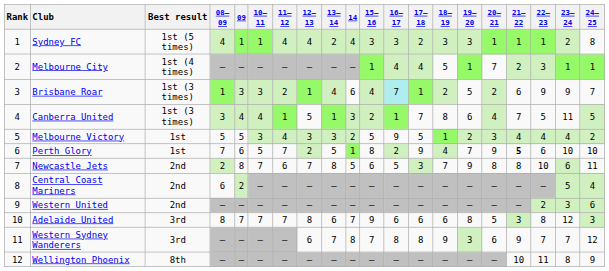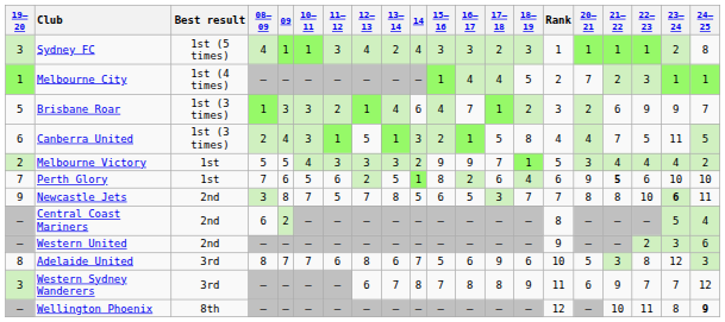 <table class="wikitable" style="text-align:center;">
 <tr>
-<th>Rank</th>
+<th><small><a href='#'>19–20</a></small></th>
 <th style="text-align:left;">Club</th>
 <th>Best result</th>
 <th><small><a href='#'>08–09</a></small></th>
 <th><small><a href='#'>09</a></small></th>
 <th><small><a href='#'>10–11</a></small></th>
 <th><small><a href='#'>11–12</a></small></th>
 <th><small><a href='#'>12–13</a></small></th>
 <th><small><a href='#'>13–14</a></small></th>
 <th><small><a href='#'>14</a></small></th>
 <th><small><a href='#'>15–16</a></small></th>
 <th><small><a href='#'>16–17</a></small></th>
 <th><small><a href='#'>17–18</a></small></th>
 <th><small><a href='#'>18–19</a></small></th>
-<th><small><a href='#'>19–20</a></small></th>
+<th>Rank</th>
 <th><small><a href='#'>20–21</a></small></th>
 <th><small><a href='#'>21–22</a></small></th>
 <th><small><a href='#'>22–23</a></small></th>
 <th><small><a href='#'>23–24</a></small></th>
 <th><small><a href='#'>24–25</a></small></th>
 </tr>
 <tr>
-<td>1</td>
+<td style="background:#d0f0c0">3</td>
 <td style="text-align:left;"><a href='#'>Sydney FC</a></td>
 <td>1st (5 times)</td>
 <td style="background:#d0f0c0">4</td>
 <td style="background:#96f968">1</td>
 <td style="background:#96f968">1</td>
-<td style="background:#d0f0c0">4</td>
+<td style="background:#d0f0c0">3</td>
 <td style="background:#d0f0c0">4</td>
 <td style="background:#d0f0c0">2</td>
 <td style="background:#d0f0c0">4</td>
 <td style="background:#d0f0c0">3</td>
 <td style="background:#d0f0c0">3</td>
 <td style="background:#d0f0c0">2</td>
 <td style="background:#d0f0c0">3</td>
-<td style="background:#d0f0c0">3</td>
+<td>1</td>
 <td style="background:#96f968">1</td>
 <td style="background:#96f968">1</td>
 <td style="background:#96f968">1</td>
 <td style="background:#d0f0c0">2</td>
 <td>8</td>
 </tr>
 <tr>
-<td>2</td>
+<td style="background:#96f968">1</td>
 <td style="text-align:left;"><a href='#'>Melbourne City</a></td>
 <td>1st (4 times)</td>
 <td style="background:#c0c0c0">—</td>
 <td style="background:#c0c0c0">—</td>
 <td style="background:#c0c0c0">—</td>
 <td style="background:#c0c0c0">—</td>
 <td style="background:#c0c0c0">—</td>
 <td style="background:#c0c0c0">—</td>
 <td style="background:#c0c0c0">—</td>
 <td style="background:#96f968">1</td>
 <td style="background:#d0f0c0">4</td>
 <td style="background:#d0f0c0">4</td>
 <td>5</td>
-<td style="background:#96f968">1</td>
+<td>2</td>
 <td>7</td>
 <td style="background:#d0f0c0">2</td>
 <td style="background:#d0f0c0">3</td>
 <td style="background:#96f968">1</td>
 <td style="background:#96f968">1</td>
 </tr>
 <tr>
-<td>3</td>
+<td>5</td>
 <td style="text-align:left;"><a href='#'>Brisbane Roar</a></td>
 <td>1st (3 times)</td>
 <td style="background:#96f968">1</td>
 <td style="background:#d0f0c0">3</td>
 <td style="background:#d0f0c0">3</td>
 <td style="background:#d0f0c0">2</td>
 <td style="background:#96f968">1</td>
 <td style="background:#d0f0c0">4</td>
 <td>6</td>
 <td style="background:#d0f0c0">4</td>
-<td style="background: paleturquoise;">7</td>
+<td>7</td>
 <td style="background:#96f968">1</td>
 <td style="background:#d0f0c0">2</td>
-<td>5</td>
+<td>3</td>
 <td style="background:#d0f0c0">2</td>
 <td>6</td>
 <td>9</td>
 <td>9</td>
 <td>7</td>
 </tr>
 <tr>
-<td>4</td>
+<td>6</td>
 <td style="text-align:left;"><a href='#'>Canberra United</a></td>
 <td>1st (3 times)</td>
+<td style="background:#d0f0c0">2</td>
+<td style="background:#d0f0c0">4</td>
 <td style="background:#d0f0c0">3</td>
-<td style="background:#d0f0c0">4</td>
-<td style="background:#d0f0c0">4</td>
 <td style="background:#96f968">1</td>
 <td>5</td>
 <td style="background:#96f968">1</td>
 <td style="background:#d0f0c0">3</td>
 <td style="background:#d0f0c0">2</td>
 <td style="background:#96f968">1</td>
-<td>7</td>
+<td>5</td>
 <td>8</td>
-<td>6</td>
+<td>4</td>
 <td style="background:#d0f0c0">4</td>
 <td>7</td>
 <td>5</td>
 <td>11</td>
 <td style="background:#d0f0c0">5</td>
 </tr>
 <tr>
-<td>5</td>
+<td style="background:#d0f0c0">2</td>
 <td style="text-align:left;"><a href='#'>Melbourne Victory</a></td>
 <td>1st</td>
 <td>5</td>
 <td>5</td>
-<td style="background:#d0f0c0">3</td>
 <td style="background:#d0f0c0">4</td>
 <td style="background:#d0f0c0">3</td>
 <td style="background:#d0f0c0">3</td>
+<td style="background:#d0f0c0">3</td>
 <td style="background:#d0f0c0">2</td>
+<td>9</td>
+<td>9</td>
+<td>7</td>
+<td style="background:#96f968">1</td>
 <td>5</td>
-<td>9</td>
-<td>5</td>
-<td style="background:#96f968">1</td>
-<td style="background:#d0f0c0">2</td>
 <td style="background:#d0f0c0">3</td>
 <td style="background:#d0f0c0">4</td>
 <td style="background:#d0f0c0">4</td>
 <td style="background:#d0f0c0">4</td>
 <td style="background:#d0f0c0">2</td>
 </tr>
 <tr>
-<td>6</td>
+<td>7</td>
 <td style="text-align:left;"><a href='#'>Perth Glory</a></td>
 <td>1st</td>
 <td>7</td>
 <td>6</td>
 <td>5</td>
-<td>7</td>
+<td>6</td>
 <td style="background:#d0f0c0">2</td>
 <td>5</td>
 <td style="background:#96f968">1</td>
 <td>8</td>
 <td style="background:#d0f0c0">2</td>
-<td>9</td>
+<td>6</td>
 <td style="background:#d0f0c0">4</td>
-<td>7</td>
+<td>6</td>
 <td>9</td>
 <td><strong>5</strong></td>
 <td>6</td>
 <td>10</td>
 <td>10</td>
 </tr>
 <tr>
-<td>7</td>
+<td>9</td>
 <td style="text-align:left;"><a href='#'>Newcastle Jets</a></td>
 <td>2nd</td>
-<td style="background:#d0f0c0">2</td>
+<td style="background:#d0f0c0">3</td>
 <td>8</td>
 <td>7</td>
-<td>6</td>
+<td>5</td>
 <td>7</td>
 <td>8</td>
 <td>5</td>
 <td>6</td>
 <td>5</td>
 <td style="background:#d0f0c0">3</td>
 <td>7</td>
-<td>9</td>
+<td>7</td>
 <td>8</td>
 <td>8</td>
 <td>10</td>
-<td style="background:#d0f0c0">6</td>
+<td style="background:#d0f0c0"><strong>6</strong></td>
 <td>11</td>
 </tr>
 <tr>
-<td>8</td>
+<td style="background:#c0c0c0">—</td>
 <td style="text-align:left;"><a href='#'>Central Coast Mariners</a></td>
 <td>2nd</td>
 <td>6</td>
 <td style="background:#d0f0c0">2</td>
 <td style="background:#c0c0c0">—</td>
 <td style="background:#c0c0c0">—</td>
 <td style="background:#c0c0c0">—</td>
 <td style="background:#c0c0c0">—</td>
 <td style="background:#c0c0c0">—</td>
 <td style="background:#c0c0c0">—</td>
 <td style="background:#c0c0c0">—</td>
 <td style="background:#c0c0c0">—</td>
 <td style="background:#c0c0c0">—</td>
-<td style="background:#c0c0c0">—</td>
+<td>8</td>
 <td style="background:#c0c0c0">—</td>
 <td style="background:#c0c0c0">—</td>
 <td style="background:#c0c0c0">—</td>
 <td style="background:#d0f0c0">5</td>
 <td style="background:#d0f0c0">4</td>
 </tr>
 <tr>
-<td>9</td>
+<td style="background:#c0c0c0">—</td>
 <td style="text-align:left;"><a href='#'>Western United</a></td>
 <td>2nd</td>
 <td style="background:#c0c0c0">—</td>
 <td style="background:#c0c0c0">—</td>
 <td style="background:#c0c0c0">—</td>
 <td style="background:#c0c0c0">—</td>
 <td style="background:#c0c0c0">—</td>
 <td style="background:#c0c0c0">—</td>
 <td style="background:#c0c0c0">—</td>
 <td style="background:#c0c0c0">—</td>
 <td style="background:#c0c0c0">—</td>
 <td style="background:#c0c0c0">—</td>
 <td style="background:#c0c0c0">—</td>
-<td style="background:#c0c0c0">—</td>
+<td>9</td>
 <td style="background:#c0c0c0">—</td>
 <td style="background:#c0c0c0">—</td>
 <td style="background:#d0f0c0">2</td>
 <td style="background:#d0f0c0">3</td>
 <td style="background:#d0f0c0">6</td>
 </tr>
 <tr>
-<td>10</td>
+<td>8</td>
 <td style="text-align:left;"><a href='#'>Adelaide United</a></td>
 <td>3rd</td>
 <td>8</td>
 <td>7</td>
 <td>7</td>
-<td>7</td>
+<td>6</td>
 <td>8</td>
 <td>6</td>
 <td>7</td>
+<td>5</td>
+<td>6</td>
 <td>9</td>
 <td>6</td>
-<td>6</td>
-<td>6</td>
-<td>8</td>
+<td>10</td>
 <td>5</td>
 <td style="background:#d0f0c0">3</td>
 <td>8</td>
 <td>12</td>
 <td style="background:#d0f0c0">3</td>
 </tr>
 <tr>
-<td>11</td>
+<td style="background:#d0f0c0">3</td>
 <td style="text-align:left;"><a href='#'>Western Sydney Wanderers</a></td>
 <td>3rd</td>
 <td style="background:#c0c0c0">—</td>
 <td style="background:#c0c0c0">—</td>
 <td style="background:#c0c0c0">—</td>
 <td style="background:#c0c0c0">—</td>
 <td>6</td>
 <td>7</td>
 <td>8</td>
 <td>7</td>
 <td>8</td>
 <td>8</td>
 <td>9</td>
-<td style="background:#d0f0c0">3</td>
+<td>11</td>
 <td>6</td>
 <td>9</td>
 <td>7</td>
 <td>7</td>
 <td>12</td>
 </tr>
 <tr>
-<td>12</td>
+<td style="background:#c0c0c0">—</td>
 <td style="text-align:left;"><a href='#'>Wellington Phoenix</a></td>
 <td>8th</td>
 <td style="background:#c0c0c0">—</td>
 <td style="background:#c0c0c0">—</td>
 <td style="background:#c0c0c0">—</td>
 <td style="background:#c0c0c0">—</td>
 <td style="background:#c0c0c0">—</td>
 <td style="background:#c0c0c0">—</td>
 <td style="background:#c0c0c0">—</td>
 <td style="background:#c0c0c0">—</td>
 <td style="background:#c0c0c0">—</td>
 <td style="background:#c0c0c0">—</td>
 <td style="background:#c0c0c0">—</td>
-<td style="background:#c0c0c0">—</td>
+<td>12</td>
 <td style="background:#c0c0c0">—</td>
 <td>10</td>
 <td>11</td>
 <td>8</td>
-<td>9</td>
+<td><strong>9</strong></td>
 </tr>
 </table>
